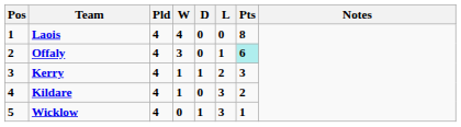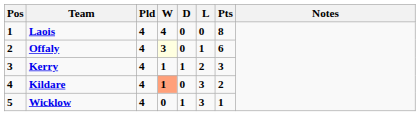 <table class="wikitable" style="text-align: centre;">
 <tr>
 <th width=20>Pos</th>
 <th width=150>Team</th>
 <th width=20>Pld</th>
 <th width=20>W</th>
 <th width=20>D</th>
 <th width=20>L</th>
 <th width=20>Pts</th>
 <th width=250>Notes</th>
 </tr>
 <tr>
 <td><strong>1</strong></td>
 <td align=left><strong> <a href='#'>Laois</a> </strong></td>
 <td><strong>4</strong></td>
 <td><strong>4</strong></td>
 <td><strong>0</strong></td>
 <td><strong>0</strong></td>
 <td><strong>8</strong></td>
 </tr>
 <tr>
 <td><strong>2</strong></td>
 <td align=left><strong> <a href='#'>Offaly</a> </strong></td>
 <td><strong>4</strong></td>
-<td><strong>3</strong></td>
+<td style="background: lightyellow;"><strong>3</strong></td>
 <td><strong>0</strong></td>
 <td><strong>1</strong></td>
-<td style="background: paleturquoise;"><strong>6</strong></td>
+<td><strong>6</strong></td>
 </tr>
 <tr>
 <td><strong>3</strong></td>
 <td align=left><strong> <a href='#'>Kerry</a> </strong></td>
 <td><strong>4</strong></td>
 <td><strong>1</strong></td>
 <td><strong>1</strong></td>
 <td><strong>2</strong></td>
 <td><strong>3</strong></td>
 </tr>
 <tr>
 <td><strong>4</strong></td>
 <td align=left><strong> <a href='#'>Kildare</a> </strong></td>
 <td><strong>4</strong></td>
-<td><strong>1</strong></td>
+<td style="background: lightsalmon;"><strong>1</strong></td>
 <td><strong>0</strong></td>
 <td><strong>3</strong></td>
 <td><strong>2</strong></td>
 </tr>
 <tr>
 <td><strong>5</strong></td>
 <td align=left><strong> <a href='#'>Wicklow</a> </strong></td>
 <td><strong>4</strong></td>
 <td><strong>0</strong></td>
 <td><strong>1</strong></td>
 <td><strong>3</strong></td>
 <td><strong>1</strong></td>
 </tr>
 </table>
